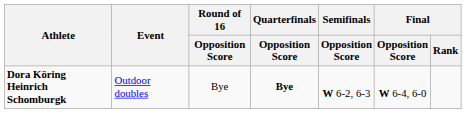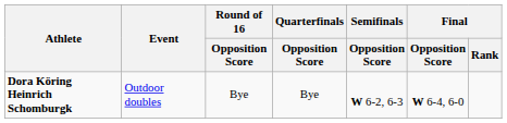 <table class=wikitable style="font-size:90%">
 <tr>
 <th rowspan="2">Athlete</th>
 <th rowspan="2">Event</th>
 <th>Round of 16</th>
 <th>Quarterfinals</th>
 <th>Semifinals</th>
 <th colspan="2">Final</th>
 </tr>
 <tr>
 <th>Opposition<br>Score</th>
 <th>Opposition<br>Score</th>
 <th>Opposition<br>Score</th>
 <th>Opposition<br>Score</th>
 <th>Rank</th>
 </tr>
 <tr>
 <td><strong>Dora Köring <br> Heinrich Schomburgk</strong></td>
 <td><a href='#'>Outdoor doubles</a></td>
 <td align=center>Bye</td>
-<td align=center><strong>Bye</strong></td>
+<td align=center>Bye</td>
 <td align=center> <br> <strong>W</strong> 6-2, 6-3</td>
 <td align=center> <br> <strong>W</strong> 6-4, 6-0</td>
 <td align=center></td>
 </tr>
 </table>
